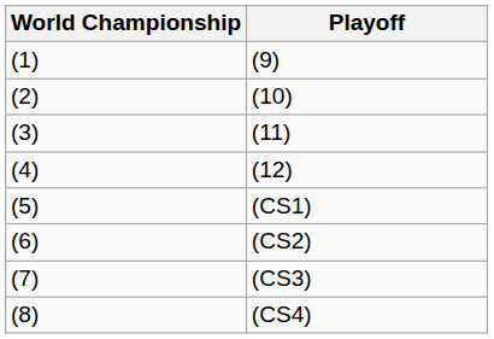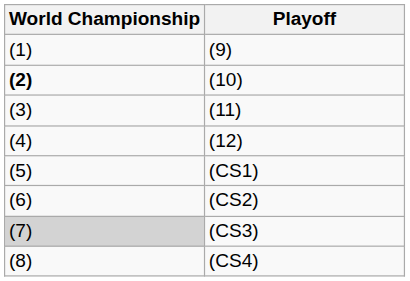 <table class="wikitable">
 <tr>
 <th width=50%>World Championship</th>
 <th width="50%">Playoff</th>
 </tr>
 <tr>
 <td> (1)</td>
 <td> (9)</td>
 </tr>
 <tr>
-<td> (2)</td>
+<td><strong> (2)</strong></td>
 <td> (10)</td>
 </tr>
 <tr>
 <td> (3)</td>
 <td> (11)</td>
 </tr>
 <tr>
 <td> (4)</td>
 <td> (12)</td>
 </tr>
 <tr>
 <td> (5)</td>
 <td> (CS1)</td>
 </tr>
 <tr>
 <td> (6)</td>
 <td> (CS2)</td>
 </tr>
 <tr>
-<td> (7)</td>
+<td style="background: lightgrey;"> (7)</td>
 <td> (CS3)</td>
 </tr>
 <tr>
 <td> (8)</td>
 <td> (CS4)</td>
 </tr>
 </table>
